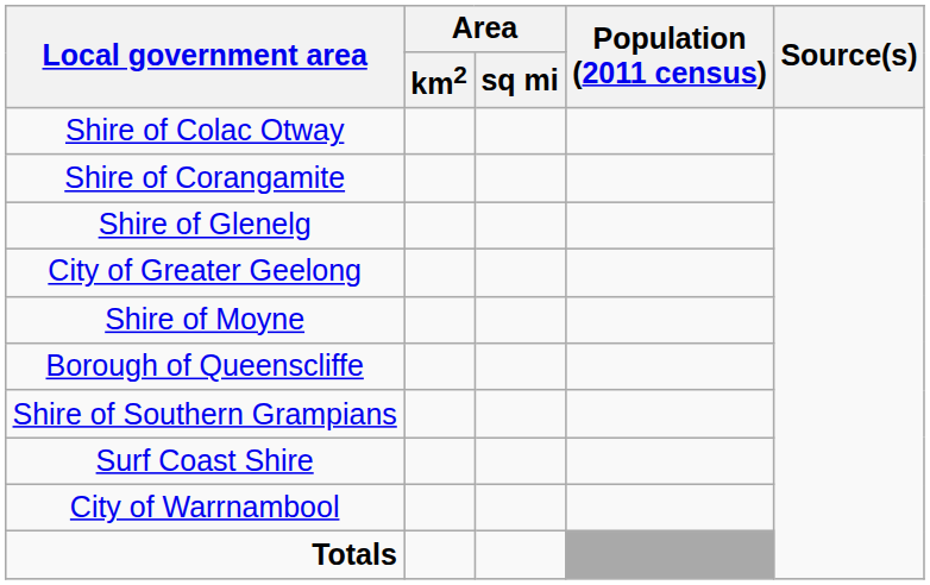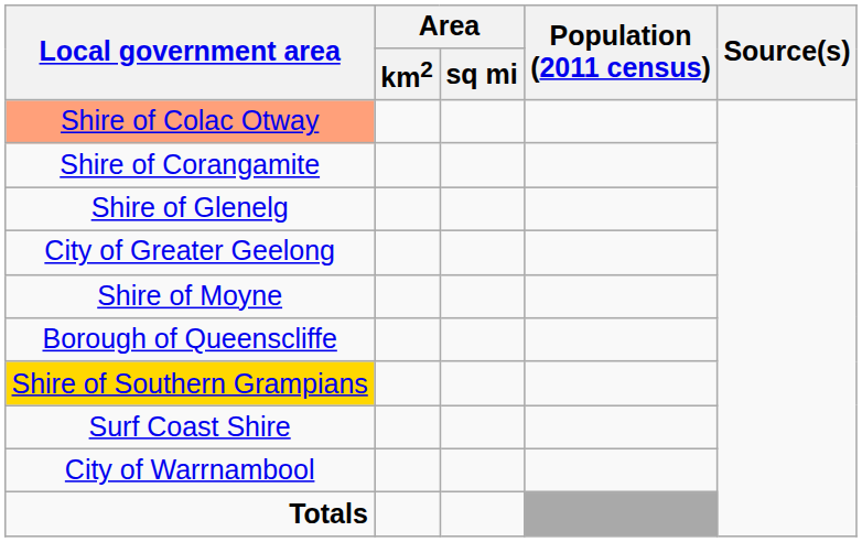 <table class="wikitable sortable plainrowheaders" style="text-align:center;">
 <tr>
 <th scope="col" rowspan="2"><a href='#'>Local government area</a></th>
 <th scope="col" colspan="2">Area</th>
 <th scope="col" rowspan="2">Population<br>(<a href='#'>2011 census</a>)</th>
 <th scope="col" rowspan="2">Source(s)</th>
 </tr>
 <tr>
 <th scope="col">km<sup>2</sup></th>
 <th scope="col">sq mi</th>
 </tr>
 <tr>
-<td scope="row"><a href='#'>Shire of Colac Otway</a></td>
+<td scope="row" style="background: lightsalmon;"><a href='#'>Shire of Colac Otway</a></td>
 <td></td>
 <td align="right"></td>
 <td></td>
 </tr>
 <tr>
 <td scope="row"><a href='#'>Shire of Corangamite</a></td>
 <td></td>
 <td align="right"></td>
 <td></td>
 </tr>
 <tr>
 <td scope="row"><a href='#'>Shire of Glenelg</a></td>
 <td></td>
 <td align="right"></td>
 <td></td>
 </tr>
 <tr>
 <td scope="row"><a href='#'>City of Greater Geelong</a></td>
 <td></td>
 <td align="right"></td>
 <td></td>
 </tr>
 <tr>
 <td scope="row"><a href='#'>Shire of Moyne</a></td>
 <td></td>
 <td align="right"></td>
 <td></td>
 </tr>
 <tr>
 <td scope="row"><a href='#'>Borough of Queenscliffe</a></td>
 <td></td>
 <td align="right"></td>
 <td></td>
 </tr>
 <tr>
-<td scope="row"><a href='#'>Shire of Southern Grampians</a></td>
+<td scope="row" style="background: gold;"><a href='#'>Shire of Southern Grampians</a></td>
 <td></td>
 <td align="right"></td>
 <td></td>
 </tr>
 <tr>
 <td scope="row"><a href='#'>Surf Coast Shire</a></td>
 <td></td>
 <td align="right"></td>
 <td></td>
 </tr>
 <tr>
 <td scope="row"><a href='#'>City of Warrnambool</a></td>
 <td></td>
 <td align="right"></td>
 <td></td>
 </tr>
 <tr>
 <td scope="row" align="right"><strong>Totals</strong></td>
 <td></td>
 <td align="right"><strong></strong></td>
 <td style="background:darkgrey;"></td>
 </tr>
 </table>
